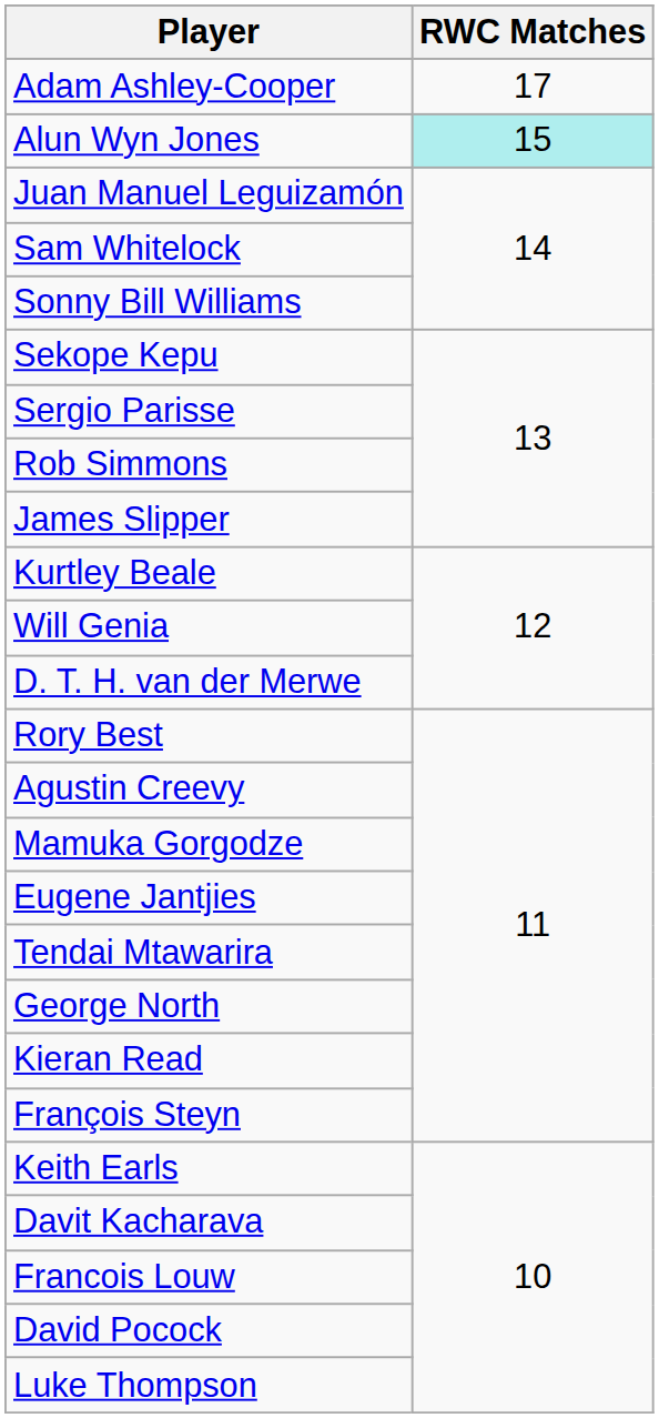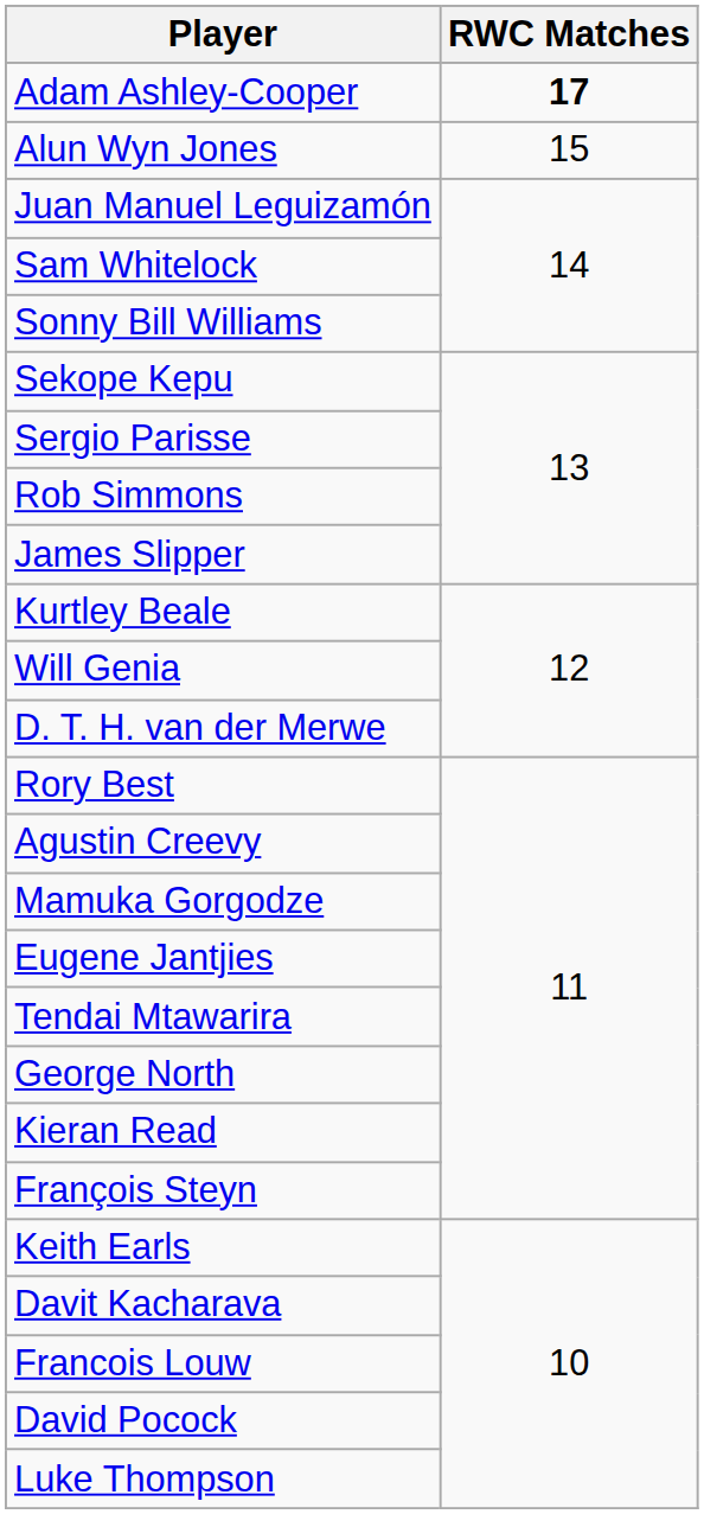 <table class="wikitable" style="text-align:center">
 <tr>
 <th>Player</th>
 <th>RWC Matches</th>
 </tr>
 <tr>
 <td align="left"> <a href='#'>Adam Ashley-Cooper</a></td>
-<td>17</td>
+<td><strong>17</strong></td>
 </tr>
 <tr>
 <td align="left"> <a href='#'>Alun Wyn Jones</a></td>
-<td style="background: paleturquoise;">15</td>
+<td>15</td>
 </tr>
 <tr>
 <td align="left"> <a href='#'>Juan Manuel Leguizamón</a></td>
 <td rowspan=3>14</td>
 </tr>
 <tr>
 <td align="left"> <a href='#'>Sam Whitelock</a></td>
 </tr>
 <tr>
 <td align="left"> <a href='#'>Sonny Bill Williams</a></td>
 </tr>
 <tr>
 <td align="left"> <a href='#'>Sekope Kepu</a></td>
 <td rowspan=4>13</td>
 </tr>
 <tr>
 <td align="left"> <a href='#'>Sergio Parisse</a></td>
 </tr>
 <tr>
 <td align="left"> <a href='#'>Rob Simmons</a></td>
 </tr>
 <tr>
 <td align="left"> <a href='#'>James Slipper</a></td>
 </tr>
 <tr>
 <td align="left"> <a href='#'>Kurtley Beale</a></td>
 <td rowspan=3>12</td>
 </tr>
 <tr>
 <td align="left"> <a href='#'>Will Genia</a></td>
 </tr>
 <tr>
 <td align="left"> <a href='#'>D. T. H. van der Merwe</a></td>
 </tr>
 <tr>
 <td align="left"> <a href='#'>Rory Best</a></td>
 <td rowspan=8>11</td>
 </tr>
 <tr>
 <td align="left"> <a href='#'>Agustin Creevy</a></td>
 </tr>
 <tr>
 <td align="left"> <a href='#'>Mamuka Gorgodze</a></td>
 </tr>
 <tr>
 <td align="left"> <a href='#'>Eugene Jantjies</a></td>
 </tr>
 <tr>
 <td align="left"> <a href='#'>Tendai Mtawarira</a></td>
 </tr>
 <tr>
 <td align="left"> <a href='#'>George North</a></td>
 </tr>
 <tr>
 <td align="left"> <a href='#'>Kieran Read</a></td>
 </tr>
 <tr>
 <td align="left"> <a href='#'>François Steyn</a></td>
 </tr>
 <tr>
 <td align="left"> <a href='#'>Keith Earls</a></td>
 <td rowspan=5>10</td>
 </tr>
 <tr>
 <td align="left"> <a href='#'>Davit Kacharava</a></td>
 </tr>
 <tr>
 <td align="left"> <a href='#'>Francois Louw</a></td>
 </tr>
 <tr>
 <td align="left"> <a href='#'>David Pocock</a></td>
 </tr>
 <tr>
 <td align="left"> <a href='#'>Luke Thompson</a></td>
 </tr>
 </table>
